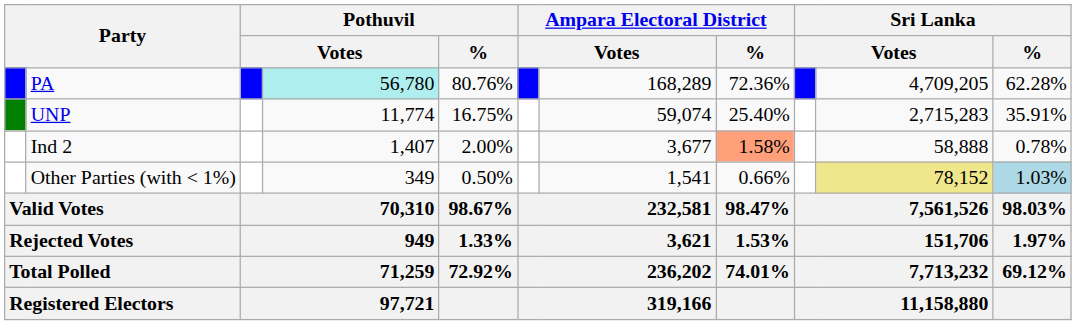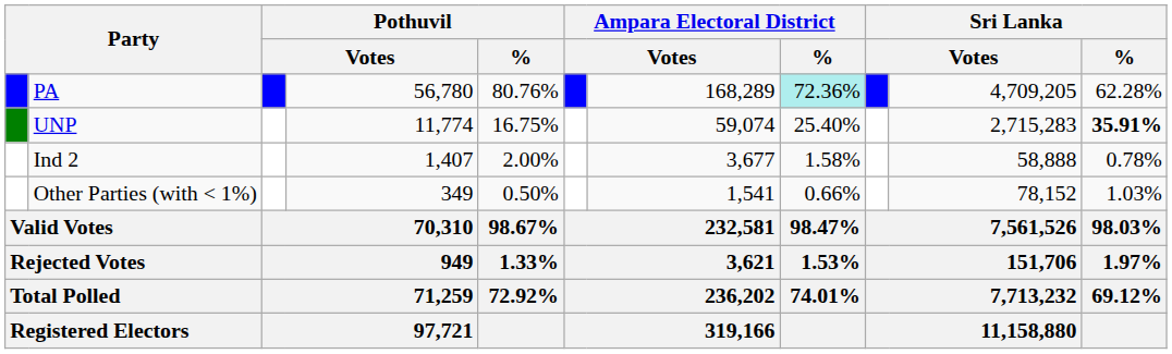 <table class="wikitable">
 <tr>
 <th colspan="2" width="144px"rowspan="2">Party</th>
 <th colspan="3" width="216px">Pothuvil</th>
 <th colspan="3" width="216px"><a href='#'>Ampara Electoral District</a></th>
 <th colspan="3" width="216px">Sri Lanka</th>
 </tr>
 <tr>
 <th colspan="2" width="144px">Votes</th>
 <th>%</th>
 <th colspan="2" width="144px">Votes</th>
 <th>%</th>
 <th colspan="2" width="144px">Votes</th>
 <th>%</th>
 </tr>
 <tr>
 <td style="background-color:blue;" width="10px"></td>
 <td style="text-align:left;"><a href='#'>PA</a></td>
 <td style="background-color:blue;" width="10px"></td>
-<td style="background: paleturquoise; text-align:right;">56,780</td>
+<td style="text-align:right;">56,780</td>
 <td style="text-align:right;">80.76%</td>
 <td style="background-color:blue;" width="10px"></td>
 <td style="text-align:right;">168,289</td>
-<td style="text-align:right;">72.36%</td>
+<td style="background: paleturquoise; text-align:right;">72.36%</td>
 <td style="background-color:blue;" width="10px"></td>
 <td style="text-align:right;">4,709,205</td>
 <td style="text-align:right;">62.28%</td>
 </tr>
 <tr>
 <td style="background-color:green;" width="10px"></td>
 <td style="text-align:left;"><a href='#'>UNP</a></td>
 <td style="background-color:white;" width="10px"></td>
 <td style="text-align:right;">11,774</td>
 <td style="text-align:right;">16.75%</td>
 <td style="background-color:white;" width="10px"></td>
 <td style="text-align:right;">59,074</td>
 <td style="text-align:right;">25.40%</td>
 <td style="background-color:white;" width="10px"></td>
 <td style="text-align:right;">2,715,283</td>
-<td style="text-align:right;">35.91%</td>
+<td style="text-align:right;"><strong>35.91%</strong></td>
 </tr>
 <tr>
 <td style="background-color:white;" width="10px"></td>
 <td style="text-align:left;">Ind 2</td>
 <td style="background-color:white;" width="10px"></td>
 <td style="text-align:right;">1,407</td>
 <td style="text-align:right;">2.00%</td>
 <td style="background-color:white;" width="10px"></td>
 <td style="text-align:right;">3,677</td>
-<td style="background: lightsalmon; text-align:right;">1.58%</td>
+<td style="text-align:right;">1.58%</td>
 <td style="background-color:white;" width="10px"></td>
 <td style="text-align:right;">58,888</td>
 <td style="text-align:right;">0.78%</td>
 </tr>
 <tr>
 <td style="background-color:white;" width="10px"></td>
 <td style="text-align:left;">Other Parties (with < 1%)</td>
 <td style="background-color:white;" width="10px"></td>
 <td style="text-align:right;">349</td>
 <td style="text-align:right;">0.50%</td>
 <td style="background-color:white;" width="10px"></td>
 <td style="text-align:right;">1,541</td>
 <td style="text-align:right;">0.66%</td>
 <td style="background-color:white;" width="10px"></td>
-<td style="background: khaki; text-align:right;">78,152</td>
-<td style="background: lightblue; text-align:right;">1.03%</td>
+<td style="text-align:right;">78,152</td>
+<td style="text-align:right;">1.03%</td>
 </tr>
 <tr>
 <th colspan="2" width="144px"style="text-align:left;">Valid Votes</th>
 <th style="text-align:right;"colspan="2" width="144px">70,310</th>
 <th style="text-align:right;">98.67%</th>
 <th style="text-align:right;"colspan="2" width="144px">232,581</th>
 <th style="text-align:right;">98.47%</th>
 <th style="text-align:right;"colspan="2" width="144px">7,561,526</th>
 <th style="text-align:right;">98.03%</th>
 </tr>
 <tr>
 <th colspan="2" width="144px"style="text-align:left;">Rejected Votes</th>
 <th style="text-align:right;"colspan="2" width="144px">949</th>
 <th style="text-align:right;">1.33%</th>
 <th style="text-align:right;"colspan="2" width="144px">3,621</th>
 <th style="text-align:right;">1.53%</th>
 <th style="text-align:right;"colspan="2" width="144px">151,706</th>
 <th style="text-align:right;">1.97%</th>
 </tr>
 <tr>
 <th colspan="2" width="144px"style="text-align:left;">Total Polled</th>
 <th style="text-align:right;"colspan="2" width="144px">71,259</th>
 <th style="text-align:right;">72.92%</th>
 <th style="text-align:right;"colspan="2" width="144px">236,202</th>
 <th style="text-align:right;">74.01%</th>
 <th style="text-align:right;"colspan="2" width="144px">7,713,232</th>
 <th style="text-align:right;">69.12%</th>
 </tr>
 <tr>
 <th colspan="2" width="144px"style="text-align:left;">Registered Electors</th>
 <th style="text-align:right;"colspan="2" width="144px">97,721</th>
 <th></th>
 <th style="text-align:right;"colspan="2" width="144px">319,166</th>
 <th></th>
 <th style="text-align:right;"colspan="2" width="144px">11,158,880</th>
 <th></th>
 </tr>
 </table>
